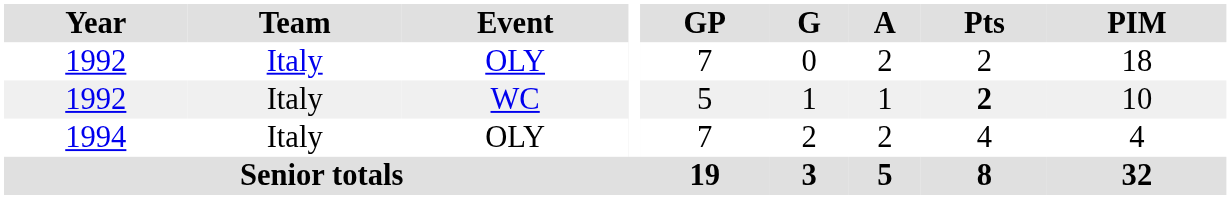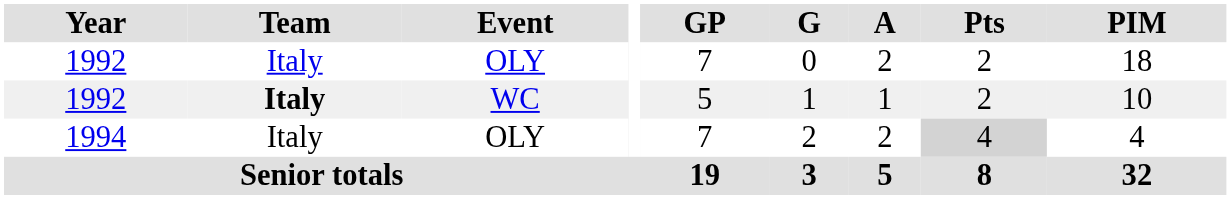 <table border="0" cellpadding="1" cellspacing="0" ID="Table3" style="text-align:center; width:40em">
 <tr bgcolor="#e0e0e0">
 <th>Year</th>
 <th>Team</th>
 <th>Event</th>
 <th rowspan="102" bgcolor="#ffffff"></th>
 <th>GP</th>
 <th>G</th>
 <th>A</th>
 <th>Pts</th>
 <th>PIM</th>
 </tr>
 <tr>
 <td><a href='#'>1992</a></td>
 <td><a href='#'>Italy</a></td>
 <td><a href='#'>OLY</a></td>
 <td>7</td>
 <td>0</td>
 <td>2</td>
 <td>2</td>
 <td>18</td>
 </tr>
 <tr bgcolor="#f0f0f0">
 <td><a href='#'>1992</a></td>
-<td>Italy</td>
+<td><strong>Italy</strong></td>
 <td><a href='#'>WC</a></td>
 <td>5</td>
 <td>1</td>
 <td>1</td>
-<td><strong>2</strong></td>
+<td>2</td>
 <td>10</td>
 </tr>
 <tr>
 <td><a href='#'>1994</a></td>
 <td>Italy</td>
 <td>OLY</td>
 <td>7</td>
 <td>2</td>
 <td>2</td>
-<td>4</td>
+<td style="background: lightgrey;">4</td>
 <td>4</td>
 </tr>
 <tr bgcolor="#e0e0e0">
 <th colspan="4">Senior totals</th>
 <th>19</th>
 <th>3</th>
 <th>5</th>
 <th>8</th>
 <th>32</th>
 </tr>
 </table>
